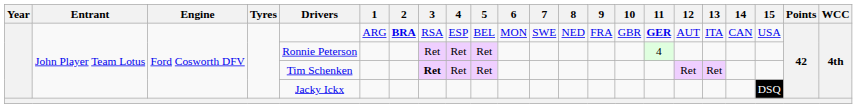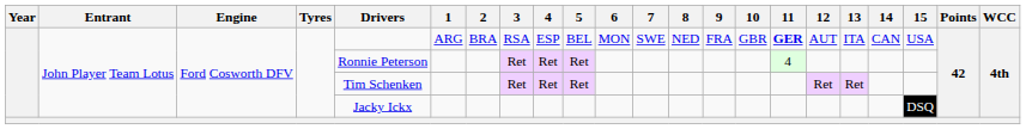 <table class="wikitable" style="text-align:center; font-size:95%">
 <tr>
 <th>Year</th>
 <th>Entrant</th>
 <th>Engine</th>
 <th>Tyres</th>
 <th>Drivers</th>
 <th>1</th>
 <th>2</th>
 <th>3</th>
 <th>4</th>
 <th>5</th>
 <th>6</th>
 <th>7</th>
 <th>8</th>
 <th>9</th>
 <th>10</th>
 <th>11</th>
 <th>12</th>
 <th>13</th>
 <th>14</th>
 <th>15</th>
 <th>Points</th>
 <th>WCC</th>
 </tr>
 <tr>
 <th rowspan="4"></th>
 <td rowspan="4"><a href='#'>John Player</a> <a href='#'>Team Lotus</a></td>
 <td rowspan="4"><a href='#'>Ford</a> <a href='#'>Cosworth DFV</a></td>
 <td rowspan="4"></td>
 <td></td>
 <td><a href='#'>ARG</a></td>
-<td><strong><a href='#'>BRA</a></strong></td>
+<td><a href='#'>BRA</a></td>
 <td><a href='#'>RSA</a></td>
 <td><a href='#'>ESP</a></td>
 <td><a href='#'>BEL</a></td>
 <td><a href='#'>MON</a></td>
 <td><a href='#'>SWE</a></td>
 <td><a href='#'>NED</a></td>
 <td><a href='#'>FRA</a></td>
 <td><a href='#'>GBR</a></td>
 <td><strong><a href='#'>GER</a></strong></td>
 <td><a href='#'>AUT</a></td>
 <td><a href='#'>ITA</a></td>
 <td><a href='#'>CAN</a></td>
 <td><a href='#'>USA</a></td>
 <th rowspan="4">42</th>
 <th rowspan="4">4th</th>
 </tr>
 <tr>
 <td><a href='#'>Ronnie Peterson</a></td>
 <td></td>
 <td></td>
 <td style="background:#EFCFFF;">Ret</td>
 <td style="background:#EFCFFF;">Ret</td>
 <td style="background:#EFCFFF;">Ret</td>
 <td></td>
 <td></td>
 <td></td>
 <td></td>
 <td></td>
 <td style="background:#DFFFDF;">4</td>
 <td></td>
 <td></td>
 <td></td>
 <td></td>
 </tr>
 <tr>
 <td><a href='#'>Tim Schenken</a></td>
 <td></td>
 <td></td>
-<td style="background:#EFCFFF;"><strong>Ret</strong></td>
+<td style="background:#EFCFFF;">Ret</td>
 <td style="background:#EFCFFF;">Ret</td>
 <td style="background:#EFCFFF;">Ret</td>
 <td></td>
 <td></td>
 <td></td>
 <td></td>
 <td></td>
 <td></td>
 <td style="background:#EFCFFF;">Ret</td>
 <td style="background:#EFCFFF;">Ret</td>
 <td></td>
 <td></td>
 </tr>
 <tr>
 <td><a href='#'>Jacky Ickx</a></td>
 <td></td>
 <td></td>
 <td></td>
 <td></td>
 <td></td>
 <td></td>
 <td></td>
 <td></td>
 <td></td>
 <td></td>
 <td></td>
 <td></td>
 <td></td>
 <td></td>
 <td style="background:#000000; color:#ffffff">DSQ</td>
 </tr>
 <tr>
 <th colspan="22"></th>
 </tr>
 </table>
